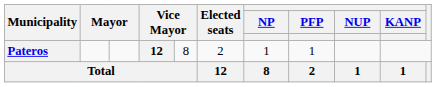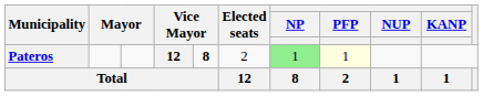 <table class="wikitable" style="text-align:center; font-size: 0.9em;">
 <tr>
 <th rowspan="3">Municipality</th>
 <th colspan="2" rowspan="3" style="width:60px;">Mayor</th>
 <th colspan="2" rowspan="3" style="width:60px;">Vice Mayor</th>
 <th rowspan="3">Elected<br>seats</th>
 <th colspan="4"></th>
 <th rowspan="3"></th>
 </tr>
 <tr>
 <th class="unsortable" style="width:45px;"><a href='#'>NP</a></th>
 <th class="unsortable" style="width:45px;"><a href='#'>PFP</a></th>
 <th class="unsortable" style="width:45px;"><a href='#'>NUP</a></th>
 <th class="unsortable" style="width:45px;"><a href='#'>KANP</a></th>
 </tr>
 <tr>
 <th style="color:inherit;background:"></th>
 <th style="color:inherit;background:"></th>
 <th style="color:inherit;background:"></th>
 <th style="color:inherit;background:"></th>
 </tr>
 <tr>
 <th style="text-align: left;"><a href='#'>Pateros</a></th>
 <td></td>
 <td></td>
 <th>12</th>
-<td>8</td>
+<td><strong>8</strong></td>
 <td>2</td>
-<td>1</td>
-<td>1</td>
+<td style="background: lightgreen;">1</td>
+<td style="background: lightyellow;">1</td>
 <td></td>
 </tr>
 <tr>
 <th colspan="5">Total</th>
 <th>12</th>
 <th>8</th>
 <th>2</th>
 <th>1</th>
 <th>1</th>
 <th></th>
 </tr>
 </table>
